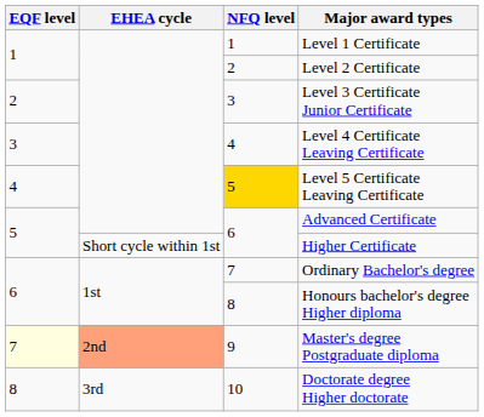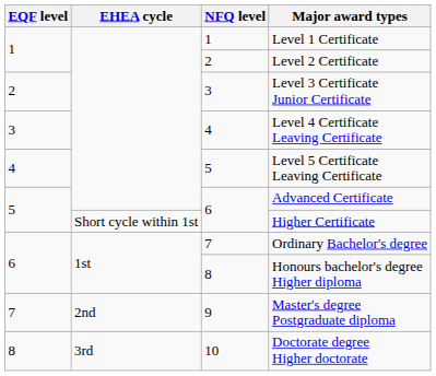 <table class="wikitable sortable">
 <tr>
 <th><a href='#'>EQF</a> level</th>
 <th><a href='#'>EHEA</a> cycle</th>
 <th><a href='#'>NFQ</a> level</th>
 <th>Major award types</th>
 </tr>
 <tr>
 <td rowspan="2">1</td>
 <td rowspan="6"> </td>
 <td>1</td>
 <td>Level 1 Certificate</td>
 </tr>
 <tr>
 <td>2</td>
 <td>Level 2 Certificate</td>
 </tr>
 <tr>
 <td>2</td>
 <td>3</td>
 <td>Level 3 Certificate<br><a href='#'>Junior Certificate</a></td>
 </tr>
 <tr>
 <td>3</td>
 <td>4</td>
 <td>Level 4 Certificate<br><a href='#'>Leaving Certificate</a></td>
 </tr>
 <tr>
 <td>4</td>
-<td style="background: gold;">5</td>
+<td>5</td>
 <td>Level 5 Certificate<br>Leaving Certificate</td>
 </tr>
 <tr>
 <td rowspan="2">5</td>
 <td rowspan="2">6</td>
 <td><a href='#'>Advanced Certificate</a></td>
 </tr>
 <tr>
 <td>Short cycle within 1st</td>
 <td><a href='#'>Higher Certificate</a></td>
 </tr>
 <tr>
 <td rowspan="2">6</td>
 <td rowspan="2">1st</td>
 <td>7</td>
 <td>Ordinary <a href='#'>Bachelor's degree</a></td>
 </tr>
 <tr>
 <td>8</td>
 <td>Honours bachelor's degree<br><a href='#'>Higher diploma</a></td>
 </tr>
 <tr>
-<td style="background: lightyellow;">7</td>
-<td style="background: lightsalmon;">2nd</td>
+<td>7</td>
+<td>2nd</td>
 <td>9</td>
 <td><a href='#'>Master's degree</a><br><a href='#'>Postgraduate diploma</a></td>
 </tr>
 <tr>
 <td>8</td>
 <td>3rd</td>
 <td>10</td>
 <td><a href='#'>Doctorate degree</a><br><a href='#'>Higher doctorate</a></td>
 </tr>
 </table>
